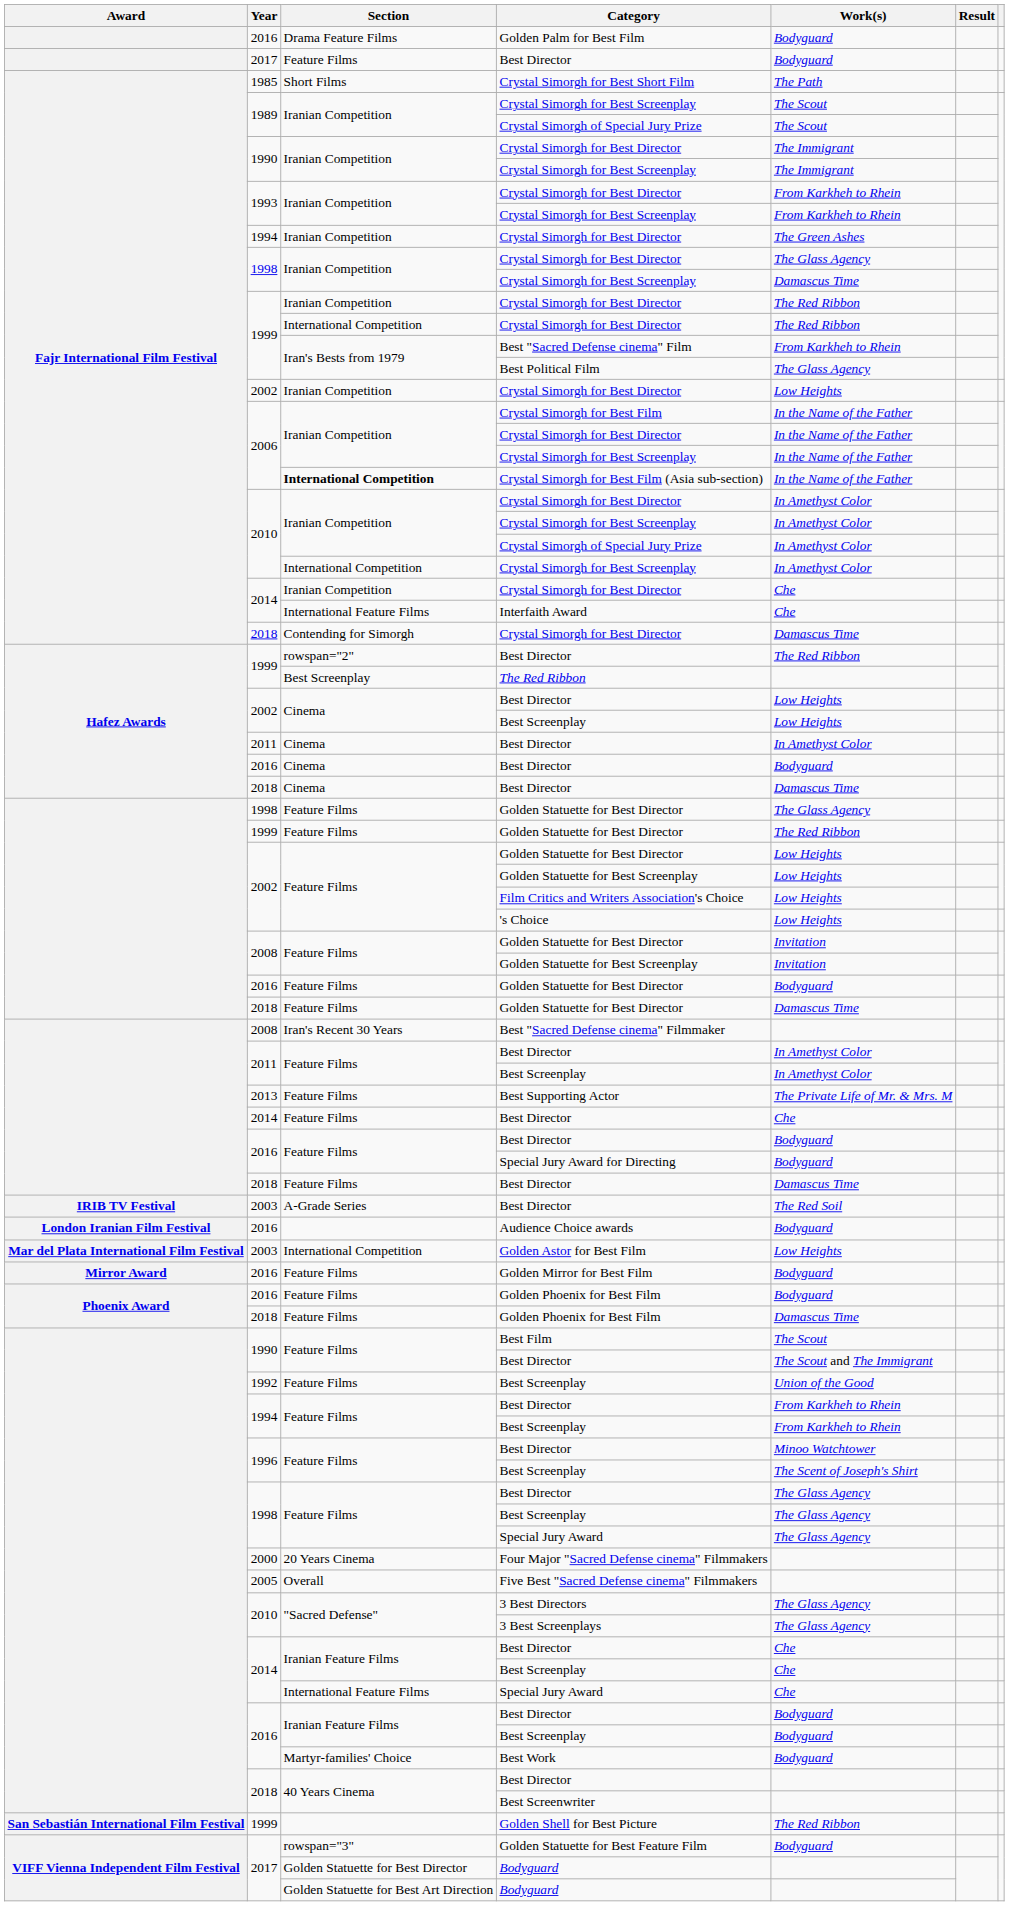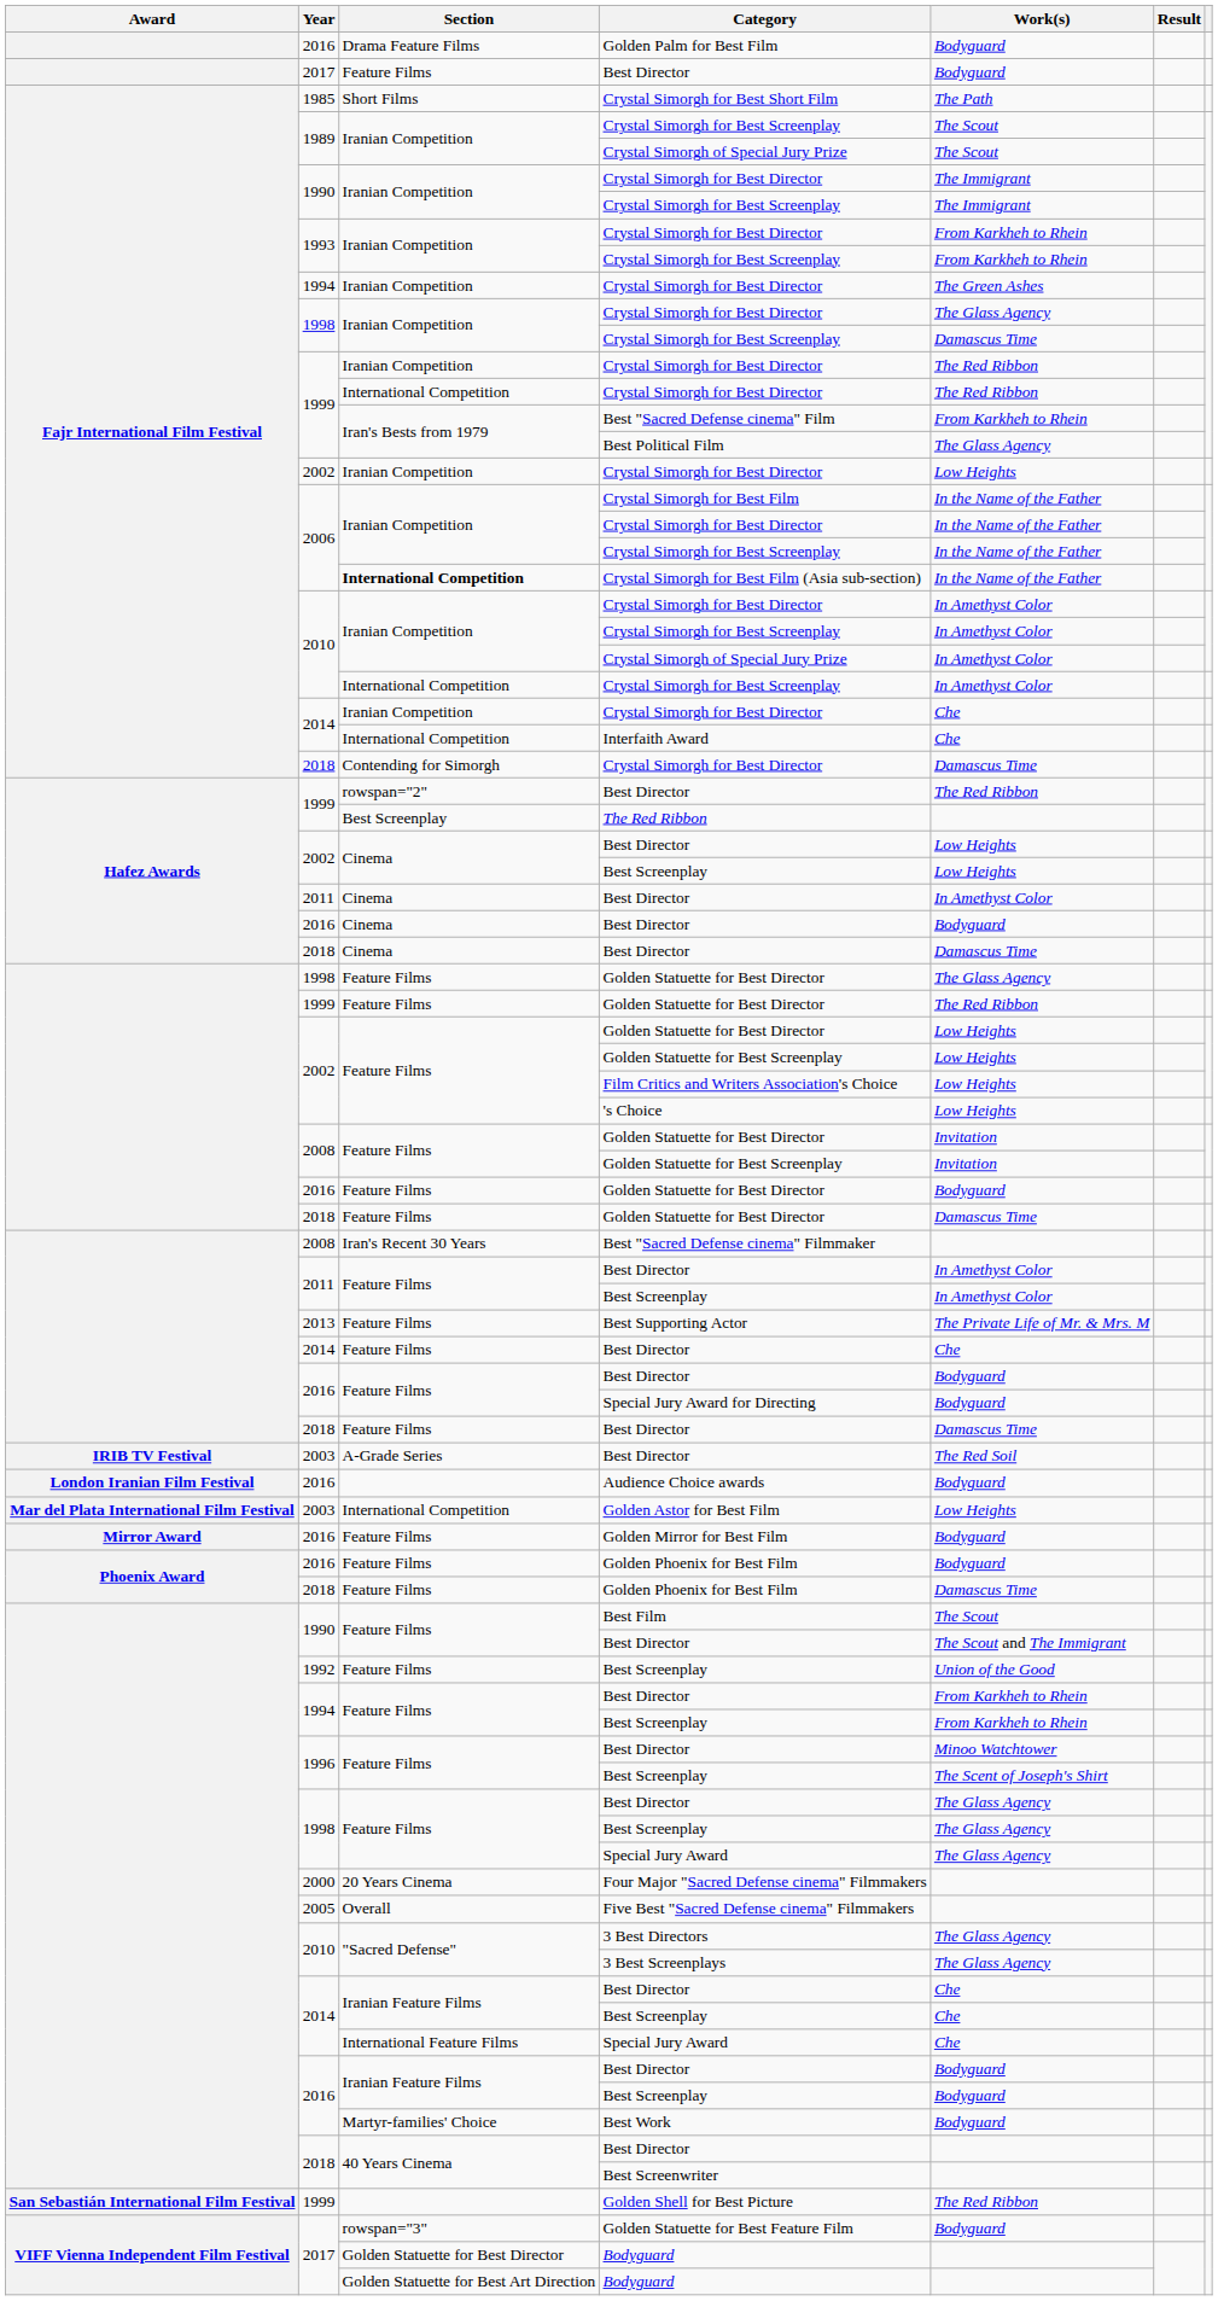 <table class="wikitable plainrowheaders sortable" style="font-size:95%">
 <tr>
 <th scope="col">Award</th>
 <th scope="col">Year</th>
 <th scope="col">Section</th>
 <th scope="col">Category</th>
 <th scope="col">Work(s)</th>
 <th scope="col">Result</th>
 <th scope="col" class="unsortable"></th>
 </tr>
 <tr>
 <th scope="row"></th>
 <td data-sort-value="2016-12-10">2016</td>
 <td>Drama Feature Films</td>
 <td>Golden Palm for Best Film</td>
 <td><em><a href='#'>Bodyguard</a></em></td>
 <td></td>
 <td style="text-align:center;"></td>
 </tr>
 <tr>
 <th scope="row"></th>
 <td data-sort-value="2017-08-05">2017</td>
 <td>Feature Films</td>
 <td>Best Director</td>
 <td><em><a href='#'>Bodyguard</a></em></td>
 <td></td>
 <td style="text-align:center;"></td>
 </tr>
 <tr>
 <th rowspan="26" scope="row"><a href='#'>Fajr International Film Festival</a></th>
 <td data-sort-value="1985-02-11">1985</td>
 <td>Short Films</td>
 <td><a href='#'>Crystal Simorgh for Best Short Film</a></td>
 <td><em><a href='#'>The Path</a></em></td>
 <td></td>
 <td style="text-align:center;"></td>
 </tr>
 <tr>
 <td rowspan="2" data-sort-value="1989-02-11">1989</td>
 <td rowspan="2">Iranian Competition</td>
 <td><a href='#'>Crystal Simorgh for Best Screenplay</a></td>
 <td><em><a href='#'>The Scout</a></em></td>
 <td></td>
 <td style="text-align:center;" rowspan="13"></td>
 </tr>
 <tr>
 <td><a href='#'>Crystal Simorgh of Special Jury Prize</a></td>
 <td><em><a href='#'>The Scout</a></em></td>
 <td></td>
 </tr>
 <tr>
 <td rowspan="2" data-sort-value="1990-02-11">1990</td>
 <td rowspan="2">Iranian Competition</td>
 <td><a href='#'>Crystal Simorgh for Best Director</a></td>
 <td><em><a href='#'>The Immigrant</a></em></td>
 <td></td>
 </tr>
 <tr>
 <td><a href='#'>Crystal Simorgh for Best Screenplay</a></td>
 <td><em><a href='#'>The Immigrant</a></em></td>
 <td></td>
 </tr>
 <tr>
 <td rowspan="2" data-sort-value="1993-02-11">1993</td>
 <td rowspan="2">Iranian Competition</td>
 <td><a href='#'>Crystal Simorgh for Best Director</a></td>
 <td><em><a href='#'>From Karkheh to Rhein</a></em></td>
 <td></td>
 </tr>
 <tr>
 <td><a href='#'>Crystal Simorgh for Best Screenplay</a></td>
 <td><em><a href='#'>From Karkheh to Rhein</a></em></td>
 <td></td>
 </tr>
 <tr>
 <td data-sort-value="1994-02-11">1994</td>
 <td>Iranian Competition</td>
 <td><a href='#'>Crystal Simorgh for Best Director</a></td>
 <td><em><a href='#'>The Green Ashes</a></em></td>
 <td></td>
 </tr>
 <tr>
 <td rowspan="2" data-sort-value="1998-02-11"><a href='#'>1998</a></td>
 <td rowspan="2">Iranian Competition</td>
 <td><a href='#'>Crystal Simorgh for Best Director</a></td>
 <td><em><a href='#'>The Glass Agency</a></em></td>
 <td></td>
 </tr>
 <tr>
 <td><a href='#'>Crystal Simorgh for Best Screenplay</a></td>
 <td><em><a href='#'>Damascus Time</a></em></td>
 <td></td>
 </tr>
 <tr>
 <td rowspan="4" data-sort-value="1999-02-11">1999</td>
 <td>Iranian Competition</td>
 <td><a href='#'>Crystal Simorgh for Best Director</a></td>
 <td><em><a href='#'>The Red Ribbon</a></em></td>
 <td></td>
 </tr>
 <tr>
 <td>International Competition</td>
 <td><a href='#'>Crystal Simorgh for Best Director</a></td>
 <td><em><a href='#'>The Red Ribbon</a></em></td>
 <td></td>
 </tr>
 <tr>
 <td rowspan="2">Iran's Bests from 1979</td>
 <td>Best "<a href='#'>Sacred Defense cinema</a>" Film</td>
 <td><em><a href='#'>From Karkheh to Rhein</a></em></td>
 <td></td>
 </tr>
 <tr>
 <td>Best Political Film</td>
 <td><em><a href='#'>The Glass Agency</a></em></td>
 <td></td>
 </tr>
 <tr>
 <td rdata-sort-value="2002-02-11">2002</td>
 <td>Iranian Competition</td>
 <td><a href='#'>Crystal Simorgh for Best Director</a></td>
 <td><em><a href='#'>Low Heights</a></em></td>
 <td></td>
 <td style="text-align:center;"></td>
 </tr>
 <tr>
 <td rowspan="4" data-sort-value="2006-02-11">2006</td>
 <td rowspan="3">Iranian Competition</td>
 <td><a href='#'>Crystal Simorgh for Best Film</a></td>
 <td><em><a href='#'>In the Name of the Father</a></em></td>
 <td></td>
 <td style="text-align:center;" rowspan="4"></td>
 </tr>
 <tr>
 <td><a href='#'>Crystal Simorgh for Best Director</a></td>
 <td><em><a href='#'>In the Name of the Father</a></em></td>
 <td></td>
 </tr>
 <tr>
 <td><a href='#'>Crystal Simorgh for Best Screenplay</a></td>
 <td><em><a href='#'>In the Name of the Father</a></em></td>
 <td></td>
 </tr>
 <tr>
 <td><strong>International Competition</strong></td>
 <td><a href='#'>Crystal Simorgh for Best Film</a> (Asia sub-section)</td>
 <td><em><a href='#'>In the Name of the Father</a></em></td>
 <td></td>
 </tr>
 <tr>
 <td rowspan="4" data-sort-value="2010-02-04">2010</td>
 <td rowspan="3">Iranian Competition</td>
 <td><a href='#'>Crystal Simorgh for Best Director</a></td>
 <td><em><a href='#'>In Amethyst Color</a></em></td>
 <td></td>
 <td style="text-align:center;" rowspan="3"></td>
 </tr>
 <tr>
 <td><a href='#'>Crystal Simorgh for Best Screenplay</a></td>
 <td><em><a href='#'>In Amethyst Color</a></em></td>
 <td></td>
 </tr>
 <tr>
 <td><a href='#'>Crystal Simorgh of Special Jury Prize</a></td>
 <td><em><a href='#'>In Amethyst Color</a></em></td>
 <td></td>
 </tr>
 <tr>
 <td>International Competition</td>
 <td><a href='#'>Crystal Simorgh for Best Screenplay</a></td>
 <td><em><a href='#'>In Amethyst Color</a></em></td>
 <td></td>
 <td style="text-align:center;"></td>
 </tr>
 <tr>
 <td rowspan="2" data-sort-value="2014-02-11">2014</td>
 <td>Iranian Competition</td>
 <td><a href='#'>Crystal Simorgh for Best Director</a></td>
 <td><em><a href='#'>Che</a></em></td>
 <td></td>
 <td style="text-align:center;"></td>
 </tr>
 <tr>
-<td>International Feature Films</td>
+<td>International Competition</td>
 <td>Interfaith Award</td>
 <td><em><a href='#'>Che</a></em></td>
 <td></td>
 <td style="text-align:center;"></td>
 </tr>
 <tr>
 <td data-sort-value="2018-02-11"><a href='#'>2018</a></td>
 <td>Contending for Simorgh</td>
 <td><a href='#'>Crystal Simorgh for Best Director</a></td>
 <td><em><a href='#'>Damascus Time</a></em></td>
 <td></td>
 <td style="text-align:center;"></td>
 </tr>
 <tr>
 <th scope="row" rowspan="7"><a href='#'>Hafez Awards</a></th>
 <td rowspan="2" data-sort-value="1999-08-28">1999</td>
 <td>rowspan="2" </td>
 <td>Best Director</td>
 <td><em><a href='#'>The Red Ribbon</a></em></td>
 <td></td>
 <td rowspan="2" style="text-align:center;"></td>
 </tr>
 <tr>
 <td>Best Screenplay</td>
 <td><em><a href='#'>The Red Ribbon</a></em></td>
 <td></td>
 </tr>
 <tr>
 <td rowspan="2" data-sort-value="2002-12-26">2002</td>
 <td rowspan="2">Cinema</td>
 <td>Best Director</td>
 <td><em><a href='#'>Low Heights</a></em></td>
 <td></td>
 <td style="text-align:center;"></td>
 </tr>
 <tr>
 <td>Best Screenplay</td>
 <td><em><a href='#'>Low Heights</a></em></td>
 <td></td>
 <td style="text-align:center;"></td>
 </tr>
 <tr>
 <td data-sort-value="2016-07-26">2011</td>
 <td>Cinema</td>
 <td>Best Director</td>
 <td><em><a href='#'>In Amethyst Color</a></em></td>
 <td></td>
 <td style="text-align:center;"></td>
 </tr>
 <tr>
 <td data-sort-value="2016-07-23">2016</td>
 <td>Cinema</td>
 <td>Best Director</td>
 <td><em><a href='#'>Bodyguard</a></em></td>
 <td></td>
 <td style="text-align:center;"></td>
 </tr>
 <tr>
 <td data-sort-value="2018-08-13">2018</td>
 <td>Cinema</td>
 <td>Best Director</td>
 <td><em><a href='#'>Damascus Time</a></em></td>
 <td></td>
 <td style="text-align:center;"></td>
 </tr>
 <tr>
 <th rowspan="10" scope="row"></th>
 <td data-sort-value="1998-10-29">1998</td>
 <td>Feature Films</td>
 <td>Golden Statuette for Best Director</td>
 <td><em><a href='#'>The Glass Agency</a></em></td>
 <td></td>
 <td style="text-align:center;"></td>
 </tr>
 <tr>
 <td data-sort-value="1999-09-06">1999</td>
 <td>Feature Films</td>
 <td>Golden Statuette for Best Director</td>
 <td><em><a href='#'>The Red Ribbon</a></em></td>
 <td></td>
 <td style="text-align:center;"></td>
 </tr>
 <tr>
 <td rowspan="4" data-sort-value="2002-09-12">2002</td>
 <td rowspan="4">Feature Films</td>
 <td>Golden Statuette for Best Director</td>
 <td><em><a href='#'>Low Heights</a></em></td>
 <td></td>
 <td style="text-align:center;" rowspan="3"></td>
 </tr>
 <tr>
 <td>Golden Statuette for Best Screenplay</td>
 <td><em><a href='#'>Low Heights</a></em></td>
 <td></td>
 </tr>
 <tr>
 <td><a href='#'>Film Critics and Writers Association</a>'s Choice</td>
 <td><em><a href='#'>Low Heights</a></em></td>
 <td></td>
 </tr>
 <tr>
 <td>'s Choice</td>
 <td><em><a href='#'>Low Heights</a></em></td>
 <td></td>
 <td style="text-align:center;"></td>
 </tr>
 <tr>
 <td rowspan="2" data-sort-value="2008-09-15">2008</td>
 <td rowspan="2">Feature Films</td>
 <td>Golden Statuette for Best Director</td>
 <td><em><a href='#'>Invitation</a></em></td>
 <td></td>
 <td rowspan="2" style="text-align:center;"></td>
 </tr>
 <tr>
 <td>Golden Statuette for Best Screenplay</td>
 <td><em><a href='#'>Invitation</a></em></td>
 <td></td>
 </tr>
 <tr>
 <td data-sort-value="2016-09-12">2016</td>
 <td>Feature Films</td>
 <td>Golden Statuette for Best Director</td>
 <td><em><a href='#'>Bodyguard</a></em></td>
 <td></td>
 <td style="text-align:center;"></td>
 </tr>
 <tr>
 <td data-sort-value="2018-09-01">2018</td>
 <td>Feature Films</td>
 <td>Golden Statuette for Best Director</td>
 <td><em><a href='#'>Damascus Time</a></em></td>
 <td></td>
 <td style="text-align:center;"></td>
 </tr>
 <tr>
 <th rowspan="8" scope="row"></th>
 <td data-sort-value="2008-06-30">2008</td>
 <td>Iran's Recent 30 Years</td>
 <td>Best "<a href='#'>Sacred Defense cinema</a>" Filmmaker</td>
 <td></td>
 <td></td>
 <td style="text-align:center;"></td>
 </tr>
 <tr>
 <td rowspan="2" data-sort-value="2011-01-28">2011</td>
 <td rowspan="2">Feature Films</td>
 <td>Best Director</td>
 <td><em><a href='#'>In Amethyst Color</a></em></td>
 <td></td>
 <td rowspan="2" style="text-align:center;"></td>
 </tr>
 <tr>
 <td>Best Screenplay</td>
 <td><em><a href='#'>In Amethyst Color</a></em></td>
 <td></td>
 </tr>
 <tr>
 <td data-sort-value="2013-01-13">2013</td>
 <td>Feature Films</td>
 <td>Best Supporting Actor</td>
 <td><em><a href='#'>The Private Life of Mr. & Mrs. M</a></em></td>
 <td></td>
 <td style="text-align:center;"></td>
 </tr>
 <tr>
 <td data-sort-value="2014-08-13">2014</td>
 <td>Feature Films</td>
 <td>Best Director</td>
 <td><em><a href='#'>Che</a></em></td>
 <td></td>
 <td style="text-align:center;"></td>
 </tr>
 <tr>
 <td rowspan="2" data-sort-value="2016-09-18">2016</td>
 <td rowspan="2">Feature Films</td>
 <td>Best Director</td>
 <td><em><a href='#'>Bodyguard</a></em></td>
 <td></td>
 <td style="text-align:center;"></td>
 </tr>
 <tr>
 <td>Special Jury Award for Directing</td>
 <td><em><a href='#'>Bodyguard</a></em></td>
 <td></td>
 <td style="text-align:center;"></td>
 </tr>
 <tr>
 <td data-sort-value="2018-12-19">2018</td>
 <td>Feature Films</td>
 <td>Best Director</td>
 <td><em><a href='#'>Damascus Time</a></em></td>
 <td></td>
 <td style="text-align:center;"></td>
 </tr>
 <tr>
 <th scope="row"><a href='#'>IRIB TV Festival</a></th>
 <td data-sort-value="2003-10-11">2003</td>
 <td>A-Grade Series</td>
 <td>Best Director</td>
 <td><em><a href='#'>The Red Soil</a></em></td>
 <td></td>
 <td style="text-align:center;"></td>
 </tr>
 <tr>
 <th scope="row"><a href='#'>London Iranian Film Festival</a></th>
 <td data-sort-value="2016-11-02">2016</td>
 <td></td>
 <td>Audience Choice awards</td>
 <td><em><a href='#'>Bodyguard</a></em></td>
 <td></td>
 <td style="text-align:center;"></td>
 </tr>
 <tr>
 <th scope="row"><a href='#'>Mar del Plata International Film Festival</a></th>
 <td data-sort-value="2003-03-15">2003</td>
 <td>International Competition</td>
 <td><a href='#'>Golden Astor</a> for Best Film</td>
 <td><em><a href='#'>Low Heights</a></em></td>
 <td></td>
 <td style="text-align:center;"></td>
 </tr>
 <tr>
 <th scope="row"><a href='#'>Mirror Award</a></th>
 <td data-sort-value="2016-02-19">2016</td>
 <td>Feature Films</td>
 <td>Golden Mirror for Best Film</td>
 <td><em><a href='#'>Bodyguard</a></em></td>
 <td></td>
 <td style="text-align:center;"></td>
 </tr>
 <tr>
 <th rowspan="2" scope="row"><a href='#'>Phoenix Award</a></th>
 <td data-sort-value="2016-02-19">2016</td>
 <td>Feature Films</td>
 <td>Golden Phoenix for Best Film</td>
 <td><em><a href='#'>Bodyguard</a></em></td>
 <td></td>
 <td style="text-align:center;"></td>
 </tr>
 <tr>
 <td data-sort-value="2018-02-16">2018</td>
 <td>Feature Films</td>
 <td>Golden Phoenix for Best Film</td>
 <td><em><a href='#'>Damascus Time</a></em></td>
 <td></td>
 <td style="text-align:center;"></td>
 </tr>
 <tr>
 <th rowspan="22" scope="row"></th>
 <td rowspan="2" data-sort-value="1990-05-24">1990</td>
 <td rowspan="2">Feature Films</td>
 <td>Best Film</td>
 <td><em><a href='#'>The Scout</a></em></td>
 <td></td>
 <td style="text-align:center;"></td>
 </tr>
 <tr>
 <td>Best Director</td>
 <td><em><a href='#'>The Scout</a></em> and <em><a href='#'>The Immigrant</a></em></td>
 <td></td>
 <td style="text-align:center;"></td>
 </tr>
 <tr>
 <td data-sort-value="1992-09-24">1992</td>
 <td>Feature Films</td>
 <td>Best Screenplay</td>
 <td><em><a href='#'>Union of the Good</a></em></td>
 <td></td>
 <td style="text-align:center;"></td>
 </tr>
 <tr>
 <td rowspan="2" data-sort-value="1994-09-27">1994</td>
 <td rowspan="2">Feature Films</td>
 <td>Best Director</td>
 <td><em><a href='#'>From Karkheh to Rhein</a></em></td>
 <td></td>
 <td style="text-align:center;"></td>
 </tr>
 <tr>
 <td>Best Screenplay</td>
 <td><em><a href='#'>From Karkheh to Rhein</a></em></td>
 <td></td>
 <td style="text-align:center;"></td>
 </tr>
 <tr>
 <td rowspan="2" data-sort-value="1996-09-23">1996</td>
 <td rowspan="2">Feature Films</td>
 <td>Best Director</td>
 <td><em><a href='#'>Minoo Watchtower</a></em></td>
 <td></td>
 <td style="text-align:center;"></td>
 </tr>
 <tr>
 <td>Best Screenplay</td>
 <td><em><a href='#'>The Scent of Joseph's Shirt</a></em></td>
 <td></td>
 <td style="text-align:center;"></td>
 </tr>
 <tr>
 <td rowspan="3" data-sort-value="1998-09-27">1998</td>
 <td rowspan="3">Feature Films</td>
 <td>Best Director</td>
 <td><em><a href='#'>The Glass Agency</a></em></td>
 <td></td>
 <td style="text-align:center;"></td>
 </tr>
 <tr>
 <td>Best Screenplay</td>
 <td><em><a href='#'>The Glass Agency</a></em></td>
 <td></td>
 <td style="text-align:center;"></td>
 </tr>
 <tr>
 <td>Special Jury Award</td>
 <td><em><a href='#'>The Glass Agency</a></em></td>
 <td></td>
 <td style="text-align:center;"></td>
 </tr>
 <tr>
 <td data-sort-value="2000-10-03">2000</td>
 <td>20 Years Cinema</td>
 <td>Four Major "<a href='#'>Sacred Defense cinema</a>" Filmmakers</td>
 <td></td>
 <td></td>
 <td style="text-align:center;"></td>
 </tr>
 <tr>
 <td data-sort-value="2005-11-25">2005</td>
 <td>Overall</td>
 <td>Five Best "<a href='#'>Sacred Defense cinema</a>" Filmmakers</td>
 <td></td>
 <td></td>
 <td style="text-align:center;"></td>
 </tr>
 <tr>
 <td rowspan="2" data-sort-value="2010-09-24">2010</td>
 <td rowspan="2">"Sacred Defense"</td>
 <td>3 Best Directors</td>
 <td><em><a href='#'>The Glass Agency</a></em></td>
 <td></td>
 <td style="text-align:center;"></td>
 </tr>
 <tr>
 <td>3 Best Screenplays</td>
 <td><em><a href='#'>The Glass Agency</a></em></td>
 <td></td>
 <td style="text-align:center;"></td>
 </tr>
 <tr>
 <td rowspan="3" data-sort-value="2014-09-26">2014</td>
 <td rowspan="2">Iranian Feature Films</td>
 <td>Best Director</td>
 <td><em><a href='#'>Che</a></em></td>
 <td></td>
 <td style="text-align:center;"></td>
 </tr>
 <tr>
 <td>Best Screenplay</td>
 <td><em><a href='#'>Che</a></em></td>
 <td></td>
 <td style="text-align:center;"></td>
 </tr>
 <tr>
 <td>International Feature Films</td>
 <td>Special Jury Award</td>
 <td><em><a href='#'>Che</a></em></td>
 <td></td>
 <td style="text-align:center;"></td>
 </tr>
 <tr>
 <td rowspan="3" data-sort-value="2016-11-29">2016</td>
 <td rowspan="2">Iranian Feature Films</td>
 <td>Best Director</td>
 <td><em><a href='#'>Bodyguard</a></em></td>
 <td></td>
 <td style="text-align:center;"></td>
 </tr>
 <tr>
 <td>Best Screenplay</td>
 <td><em><a href='#'>Bodyguard</a></em></td>
 <td></td>
 <td style="text-align:center;"></td>
 </tr>
 <tr>
 <td>Martyr-families' Choice</td>
 <td>Best Work</td>
 <td><em><a href='#'>Bodyguard</a></em></td>
 <td></td>
 <td style="text-align:center;"></td>
 </tr>
 <tr>
 <td rowspan="2" data-sort-value="2018-11-26">2018</td>
 <td rowspan="2">40 Years Cinema</td>
 <td>Best Director</td>
 <td></td>
 <td></td>
 <td style="text-align:center;"></td>
 </tr>
 <tr>
 <td>Best Screenwriter</td>
 <td></td>
 <td></td>
 <td style="text-align:center;"></td>
 </tr>
 <tr>
 <th scope="row"><a href='#'>San Sebastián International Film Festival</a></th>
 <td data-sort-value="1999-09-25">1999</td>
 <td></td>
 <td><a href='#'>Golden Shell</a> for Best Picture</td>
 <td><em><a href='#'>The Red Ribbon</a></em></td>
 <td></td>
 <td style="text-align:center;"></td>
 </tr>
 <tr>
 <th rowspan="3" scope="row"><a href='#'>VIFF Vienna Independent Film Festival</a></th>
 <td rowspan="3" data-sort-value="2017-07-07">2017</td>
 <td>rowspan="3" </td>
 <td>Golden Statuette for Best Feature Film</td>
 <td><em><a href='#'>Bodyguard</a></em></td>
 <td></td>
 <td style="text-align:center;" rowspan="3"></td>
 </tr>
 <tr>
 <td>Golden Statuette for Best Director</td>
 <td><em><a href='#'>Bodyguard</a></em></td>
 <td></td>
 </tr>
 <tr>
 <td>Golden Statuette for Best Art Direction</td>
 <td><em><a href='#'>Bodyguard</a></em></td>
 <td></td>
 </tr>
 </table>
